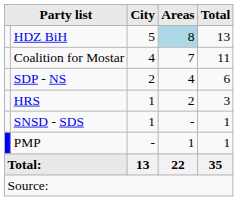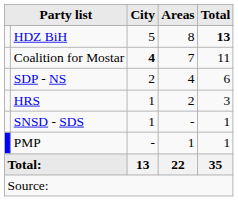 <table class="wikitable" border="1">
 <tr>
 <th colspan="2" align="center" style="background-color:#E9E9E9">Party list</th>
 <th align="center" style="background-color:#E9E9E9">City</th>
 <th align="center" style="background-color:#E9E9E9">Areas</th>
 <th align="center" style="background-color:#E9E9E9">Total</th>
 </tr>
 <tr>
 <td></td>
 <td align="left"><a href='#'>HDZ BiH</a></td>
 <td align="right">5</td>
-<td align="right" style="background: lightblue;">8</td>
-<td align="right">13</td>
+<td align="right">8</td>
+<td align="right"><strong>13</strong></td>
 </tr>
 <tr>
 <td></td>
 <td align="left">Coalition for Mostar</td>
-<td align="right">4</td>
+<td align="right"><strong>4</strong></td>
 <td align="right">7</td>
 <td align="right">11</td>
 </tr>
 <tr>
 <td></td>
 <td align="left"><a href='#'>SDP</a> - <a href='#'>NS</a></td>
 <td align="right">2</td>
 <td align="right">4</td>
 <td align="right">6</td>
 </tr>
 <tr>
 <td></td>
 <td align="left"><a href='#'>HRS</a></td>
 <td align="right">1</td>
 <td align="right">2</td>
 <td align="right">3</td>
 </tr>
 <tr>
 <td></td>
 <td align="left"><a href='#'>SNSD</a> - <a href='#'>SDS</a></td>
 <td align="right">1</td>
 <td align="right">-</td>
 <td align="right">1</td>
 </tr>
 <tr>
 <td bgcolor="blue"></td>
 <td align="left">PMP</td>
 <td align="right">-</td>
 <td align="right">1</td>
 <td align="right">1</td>
 </tr>
 <tr style="background-color:#E9E9E9">
 <td colspan="2" align="left"><strong>Total:</strong></td>
 <th align="right">13</th>
 <th align="right">22</th>
 <th align="right">35</th>
 </tr>
 <tr>
 <td colspan="5" align="left">Source: </td>
 </tr>
 </table>
